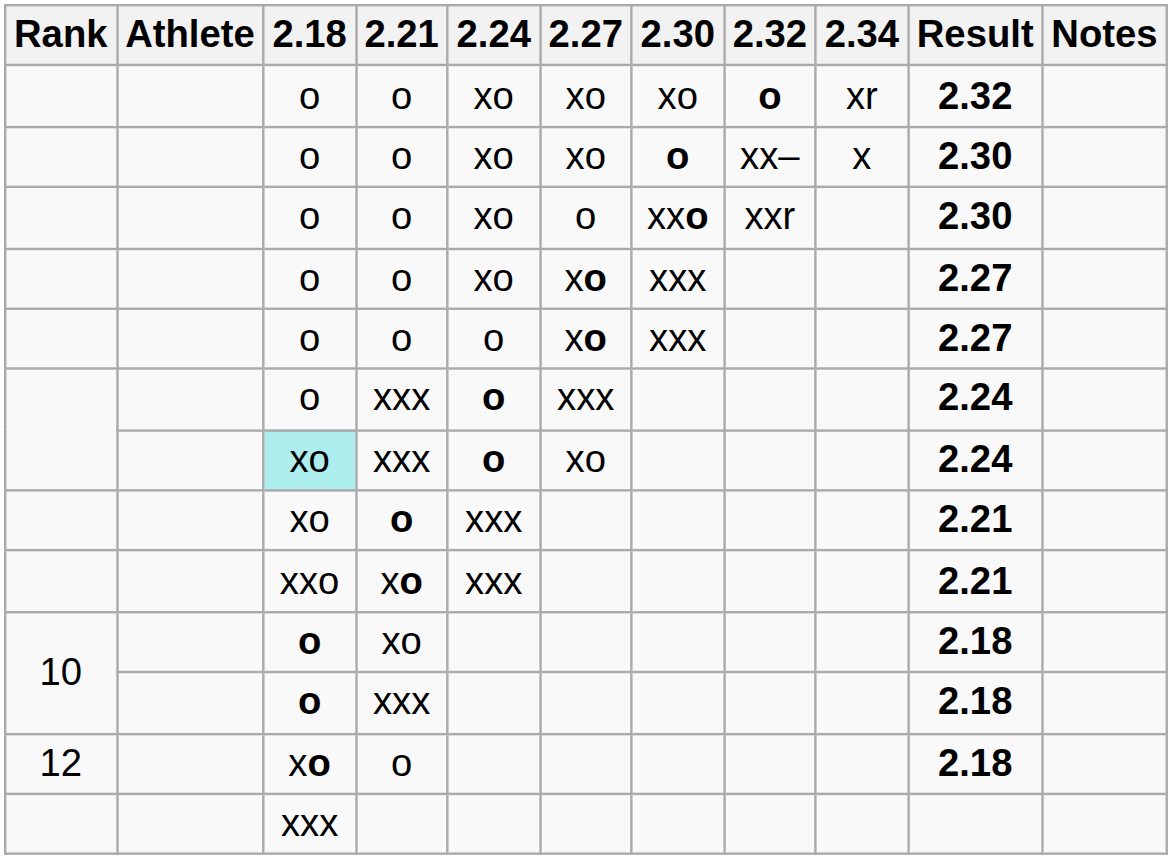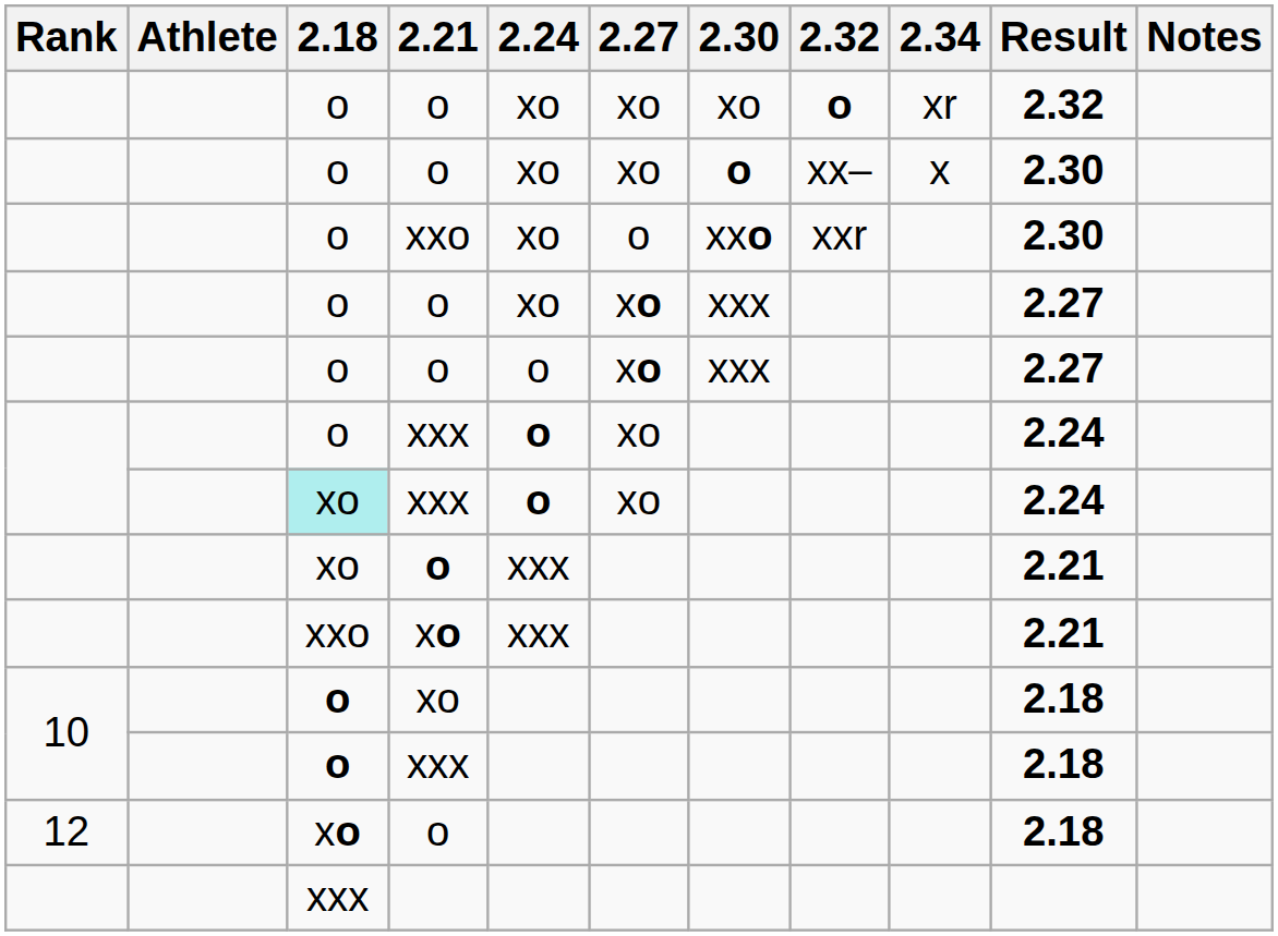 <table class="wikitable sortable" style="text-align:center">
 <tr>
 <th>Rank</th>
 <th>Athlete</th>
 <th class="unsortable">2.18</th>
 <th class="unsortable">2.21</th>
 <th class="unsortable">2.24</th>
 <th class="unsortable">2.27</th>
 <th class="unsortable">2.30</th>
 <th class="unsortable">2.32</th>
 <th class="unsortable">2.34</th>
 <th>Result</th>
 <th>Notes</th>
 </tr>
 <tr>
 <td></td>
 <td align="left"></td>
 <td>o</td>
 <td>o</td>
 <td>xo</td>
 <td>xo</td>
 <td>xo</td>
 <td><strong>o </strong></td>
 <td>xr</td>
 <td><strong>2.32</strong></td>
 <td></td>
 </tr>
 <tr>
 <td></td>
 <td align="left"></td>
 <td>o</td>
 <td>o</td>
 <td>xo</td>
 <td>xo</td>
 <td><strong>o </strong></td>
 <td>xx–</td>
 <td>x</td>
 <td><strong>2.30</strong></td>
 <td></td>
 </tr>
 <tr>
 <td></td>
 <td align="left"></td>
 <td>o</td>
-<td>o</td>
+<td>xxo</td>
 <td>xo</td>
 <td>o</td>
 <td>xx<strong>o</strong></td>
 <td>xxr</td>
 <td></td>
 <td><strong>2.30</strong></td>
 <td></td>
 </tr>
 <tr>
 <td></td>
 <td align="left"></td>
 <td>o</td>
 <td>o</td>
 <td>xo</td>
 <td>x<strong>o</strong></td>
 <td>xxx</td>
 <td></td>
 <td></td>
 <td><strong>2.27</strong></td>
 <td></td>
 </tr>
 <tr>
 <td></td>
 <td align="left"></td>
 <td>o</td>
 <td>o</td>
 <td>o</td>
 <td>x<strong>o</strong></td>
 <td>xxx</td>
 <td></td>
 <td></td>
 <td><strong>2.27</strong></td>
 <td></td>
 </tr>
 <tr>
 <td rowspan=2></td>
 <td align="left"></td>
 <td>o</td>
 <td>xxx</td>
 <td><strong>o </strong></td>
-<td>xxx</td>
+<td>xo</td>
 <td></td>
 <td></td>
 <td></td>
 <td><strong>2.24</strong></td>
 <td></td>
 </tr>
 <tr>
 <td align="left"></td>
 <td style="background: paleturquoise;">xo</td>
 <td>xxx</td>
 <td><strong>o </strong></td>
 <td>xo</td>
 <td></td>
 <td></td>
 <td></td>
 <td><strong>2.24</strong></td>
 <td></td>
 </tr>
 <tr>
 <td></td>
 <td align="left"></td>
 <td>xo</td>
 <td><strong>o </strong></td>
 <td>xxx</td>
 <td></td>
 <td></td>
 <td></td>
 <td></td>
 <td><strong>2.21</strong></td>
 <td></td>
 </tr>
 <tr>
 <td></td>
 <td align="left"></td>
 <td>xxo</td>
 <td>x<strong>o</strong></td>
 <td>xxx</td>
 <td></td>
 <td></td>
 <td></td>
 <td></td>
 <td><strong>2.21</strong></td>
 <td></td>
 </tr>
 <tr>
 <td rowspan=2>10</td>
 <td align="left"></td>
 <td><strong>o </strong></td>
 <td>xo</td>
 <td></td>
 <td></td>
 <td></td>
 <td></td>
 <td></td>
 <td><strong>2.18</strong></td>
 <td></td>
 </tr>
 <tr>
 <td align="left"></td>
 <td><strong>o </strong></td>
 <td>xxx</td>
 <td></td>
 <td></td>
 <td></td>
 <td></td>
 <td></td>
 <td><strong>2.18</strong></td>
 <td></td>
 </tr>
 <tr>
 <td>12</td>
 <td align="left"></td>
 <td>x<strong>o</strong></td>
 <td>o</td>
 <td></td>
 <td></td>
 <td></td>
 <td></td>
 <td></td>
 <td><strong>2.18</strong></td>
 <td></td>
 </tr>
 <tr>
 <td></td>
 <td align="left"></td>
 <td>xxx</td>
 <td></td>
 <td></td>
 <td></td>
 <td></td>
 <td></td>
 <td></td>
 <td><strong></strong></td>
 <td></td>
 </tr>
 </table>
